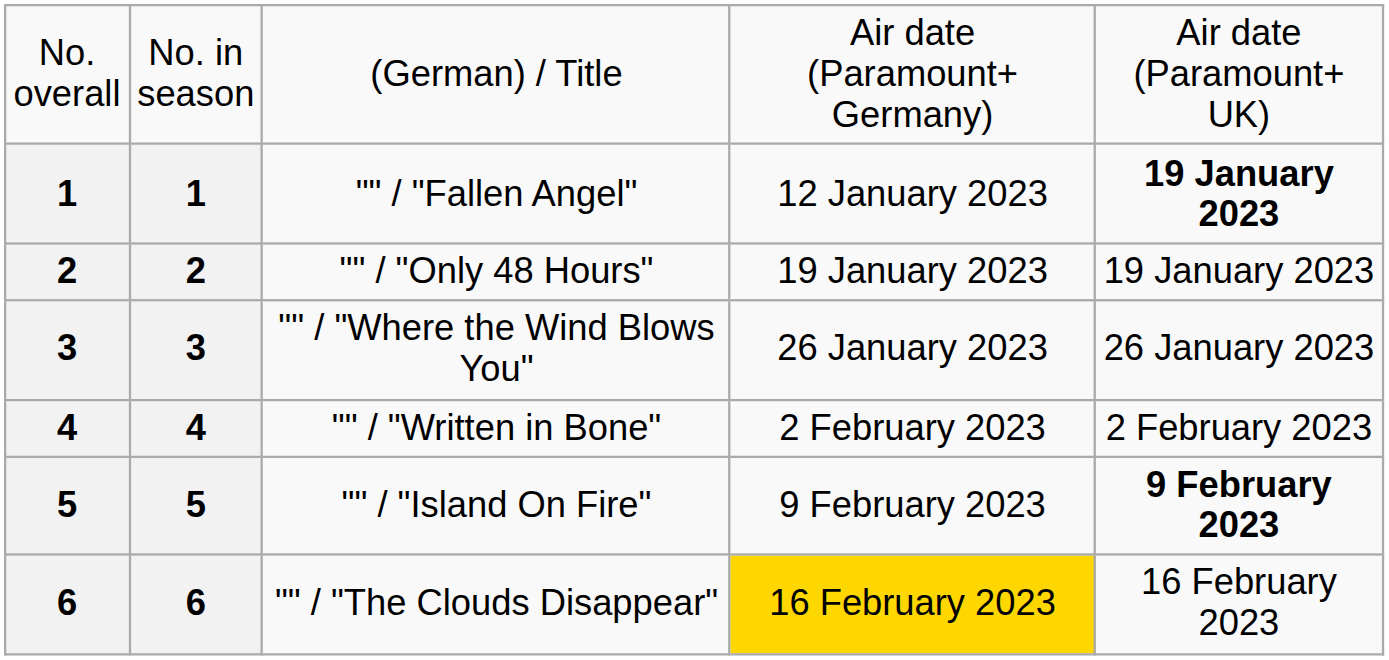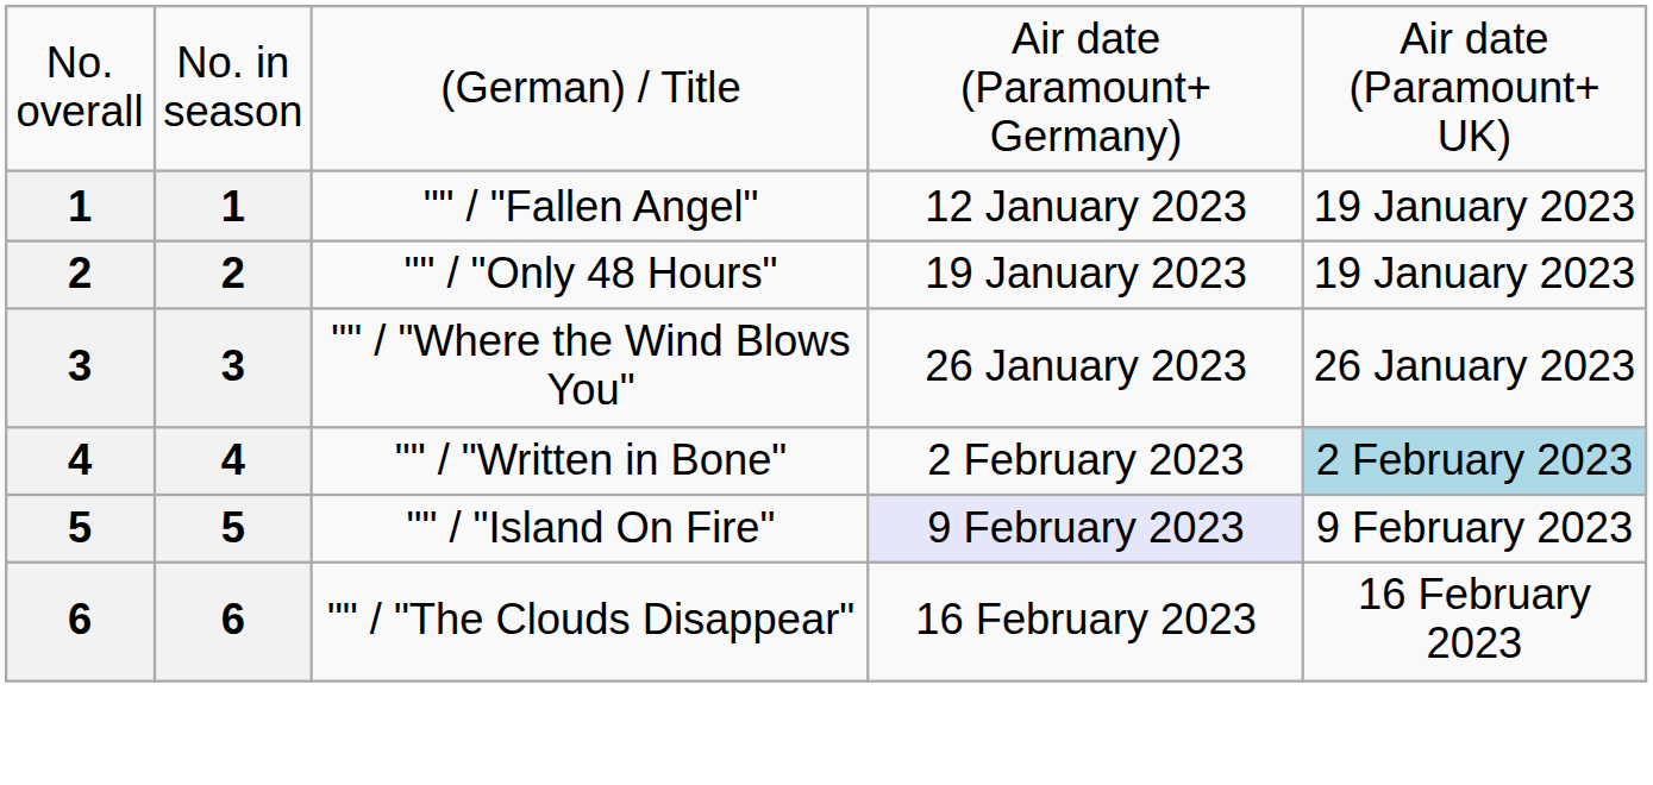 <table class="wikitable" style="text-align:center;;">
 <tr>
 <td>No.<br>overall</td>
 <td>No. in<br>season</td>
 <td> (German) / Title</td>
 <td>Air date<br>(Paramount+ Germany)</td>
 <td>Air date<br>(Paramount+ UK)</td>
 </tr>
 <tr>
 <th>1</th>
 <th>1</th>
 <td>"" / "Fallen Angel"</td>
 <td>12 January 2023</td>
-<td><strong>19 January 2023</strong></td>
+<td>19 January 2023</td>
 </tr>
 <tr>
 <th>2</th>
 <th>2</th>
 <td>"" / "Only 48 Hours"</td>
 <td>19 January 2023</td>
 <td>19 January 2023</td>
 </tr>
 <tr>
 <th>3</th>
 <th>3</th>
 <td>"" / "Where the Wind Blows You"</td>
 <td>26 January 2023</td>
 <td>26 January 2023</td>
 </tr>
 <tr>
 <th>4</th>
 <th>4</th>
 <td>"" / "Written in Bone"</td>
 <td>2 February 2023</td>
-<td>2 February 2023</td>
+<td style="background: lightblue;">2 February 2023</td>
 </tr>
 <tr>
 <th>5</th>
 <th>5</th>
 <td>"" / "Island On Fire"</td>
+<td style="background: lavender;">9 February 2023</td>
 <td>9 February 2023</td>
-<td><strong>9 February 2023</strong></td>
 </tr>
 <tr>
 <th>6</th>
 <th>6</th>
 <td>"" / "The Clouds Disappear"</td>
-<td style="background: gold;">16 February 2023</td>
+<td>16 February 2023</td>
 <td>16 February 2023</td>
 </tr>
 </table>
